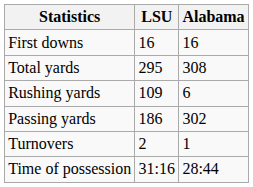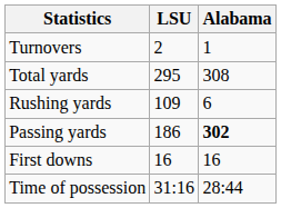 <table class="wikitable" style="float: left;">
 <tr>
 <th>Statistics</th>
 <th>LSU</th>
 <th>Alabama</th>
 </tr>
 <tr>
-<td>First downs</td>
-<td>16</td>
-<td>16</td>
+<td>Turnovers</td>
+<td>2</td>
+<td>1</td>
 </tr>
 <tr>
 <td>Total yards</td>
 <td>295</td>
 <td>308</td>
 </tr>
 <tr>
 <td>Rushing yards</td>
 <td>109</td>
 <td>6</td>
 </tr>
 <tr>
 <td>Passing yards</td>
 <td>186</td>
-<td>302</td>
+<td><strong>302</strong></td>
 </tr>
 <tr>
-<td>Turnovers</td>
-<td>2</td>
-<td>1</td>
+<td>First downs</td>
+<td>16</td>
+<td>16</td>
 </tr>
 <tr>
 <td>Time of possession</td>
 <td>31:16</td>
 <td>28:44</td>
 </tr>
 <tr>
 </tr>
 </table>
